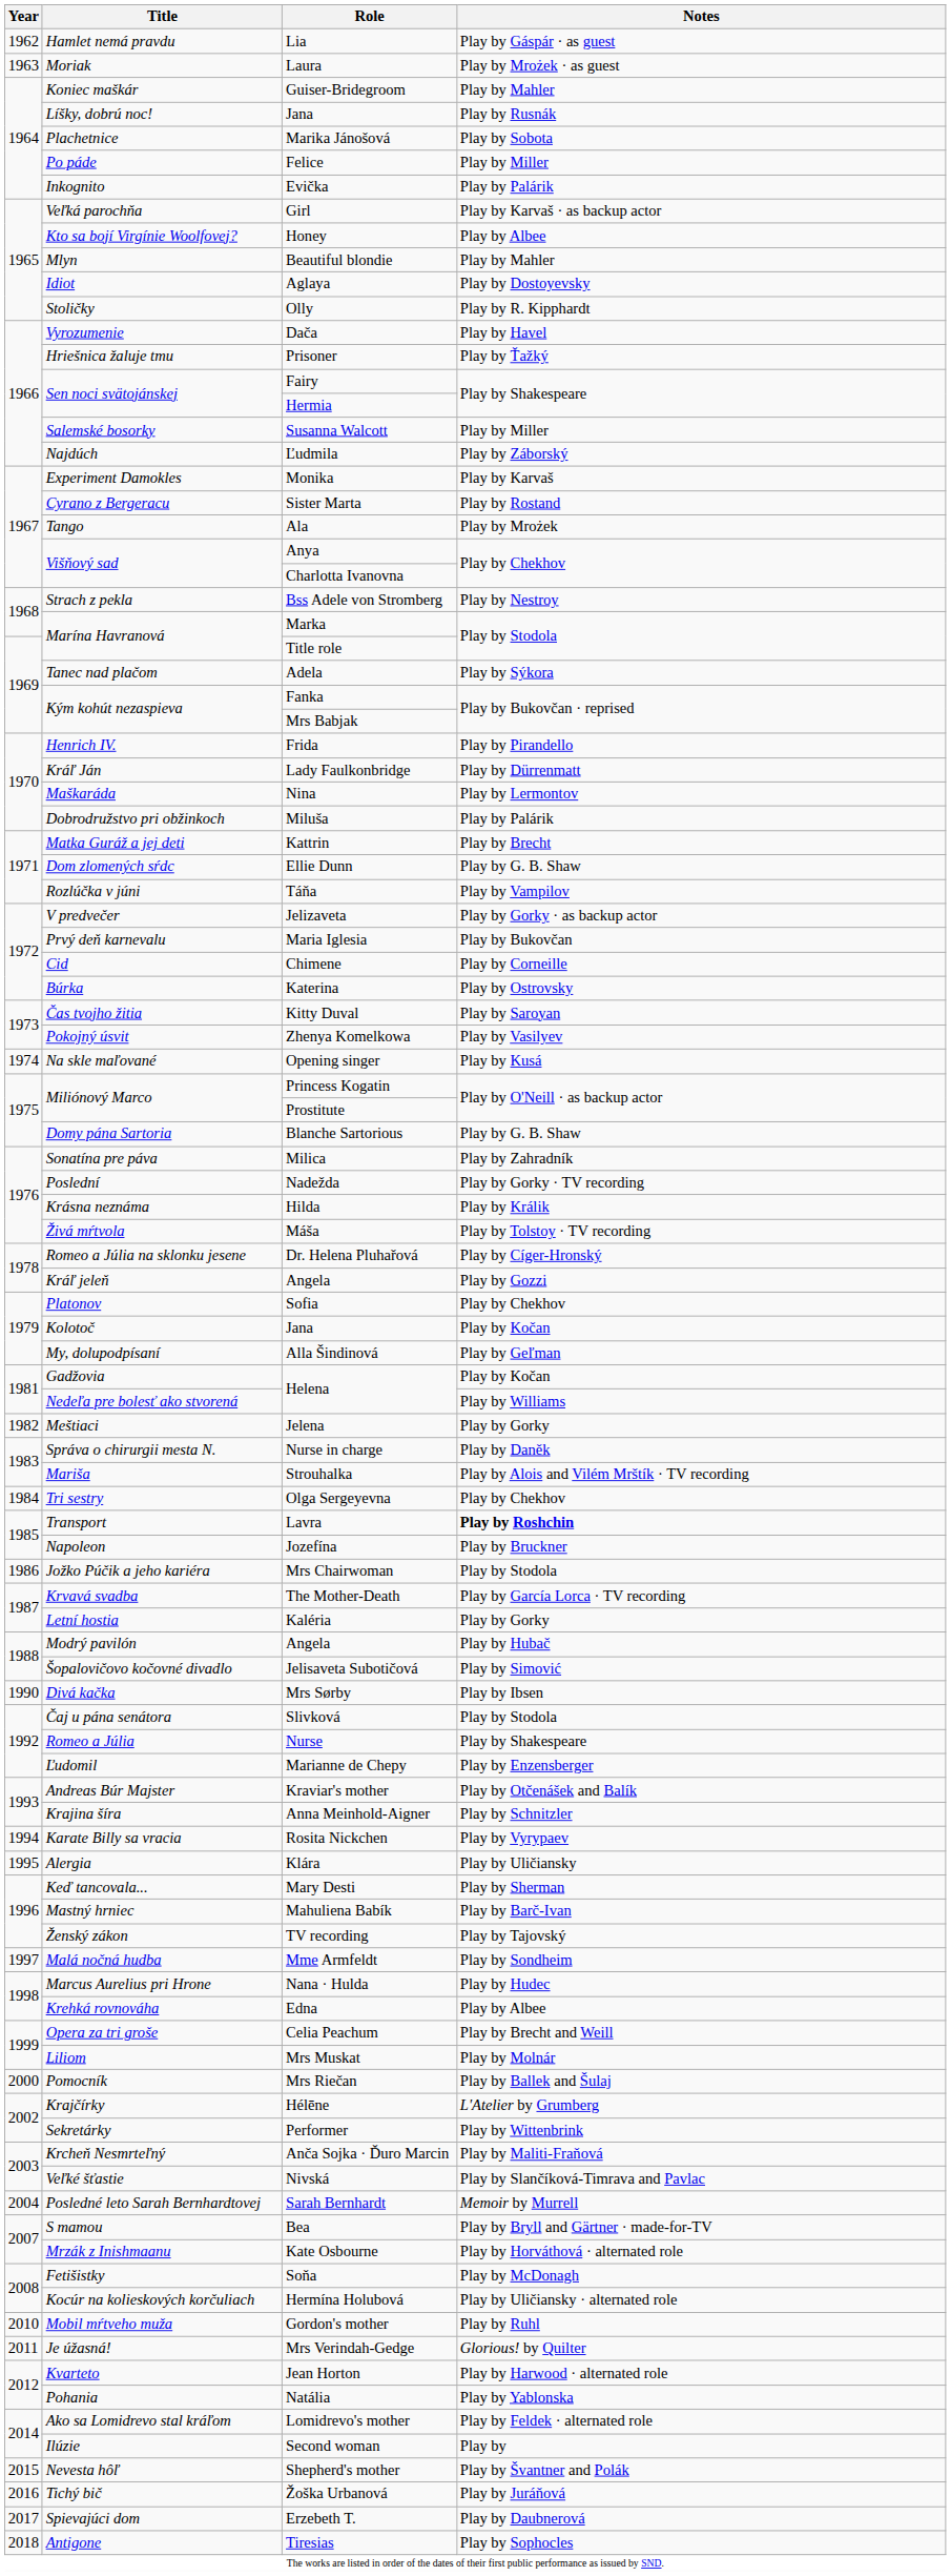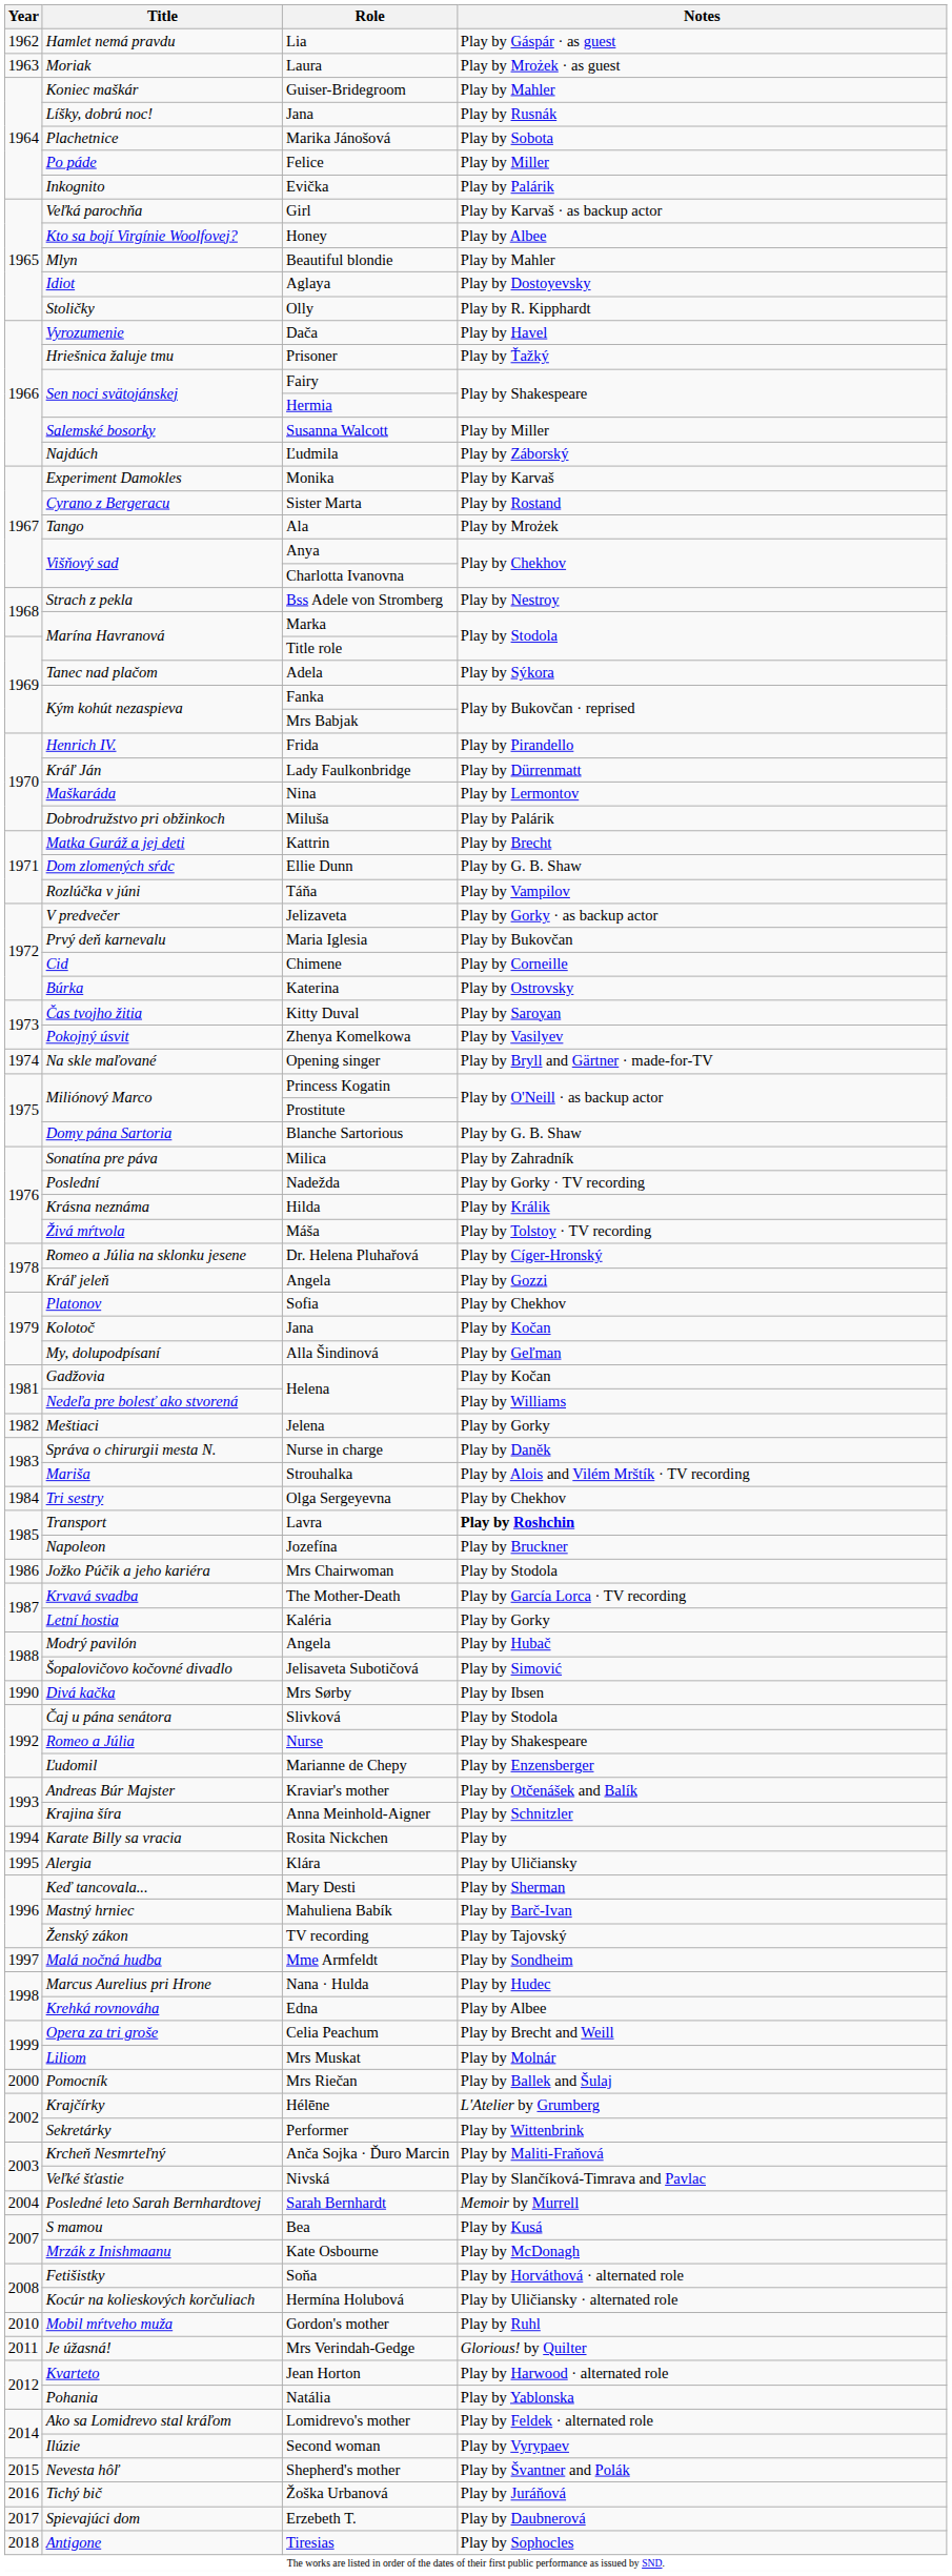 <table class=wikitable style="text-align:left">
 <tr>
 <th width=4%>Year</th>
 <th width=25.5%>Title</th>
 <th width=18.5%>Role</th>
 <th width=52%>Notes</th>
 </tr>
 <tr>
 <td>1962</td>
 <td><em>Hamlet nemá pravdu</em></td>
 <td>Lia</td>
 <td>Play by <a href='#'>Gáspár</a> · as <a href='#'>guest</a></td>
 </tr>
 <tr>
 <td>1963</td>
 <td><em>Moriak</em></td>
 <td>Laura</td>
 <td>Play by <a href='#'>Mrożek</a> · as guest</td>
 </tr>
 <tr>
 <td rowspan=5>1964</td>
 <td><em>Koniec maškár</em></td>
 <td>Guiser-Bridegroom</td>
 <td>Play by <a href='#'>Mahler</a></td>
 </tr>
 <tr>
 <td><em>Líšky, dobrú noc!</em></td>
 <td>Jana</td>
 <td>Play by <a href='#'>Rusnák</a></td>
 </tr>
 <tr>
 <td><em>Plachetnice</em></td>
 <td>Marika Jánošová</td>
 <td>Play by <a href='#'>Sobota</a></td>
 </tr>
 <tr>
 <td><em><a href='#'>Po páde</a></em></td>
 <td>Felice</td>
 <td>Play by <a href='#'>Miller</a></td>
 </tr>
 <tr>
 <td><em>Inkognito</em></td>
 <td>Evička</td>
 <td>Play by <a href='#'>Palárik</a></td>
 </tr>
 <tr>
 <td rowspan=5>1965</td>
 <td><em>Veľká parochňa</em></td>
 <td>Girl</td>
 <td>Play by Karvaš · as backup actor</td>
 </tr>
 <tr>
 <td><em><a href='#'>Kto sa bojí Virgínie Woolfovej?</a></em></td>
 <td>Honey </td>
 <td>Play by <a href='#'>Albee</a></td>
 </tr>
 <tr>
 <td><em>Mlyn</em></td>
 <td>Beautiful blondie</td>
 <td>Play by Mahler</td>
 </tr>
 <tr>
 <td><em><a href='#'>Idiot</a></em></td>
 <td>Aglaya</td>
 <td>Play by <a href='#'>Dostoyevsky</a></td>
 </tr>
 <tr>
 <td><em>Stoličky</em></td>
 <td>Olly</td>
 <td>Play by R. Kipphardt</td>
 </tr>
 <tr>
 <td rowspan=6>1966</td>
 <td><em><a href='#'>Vyrozumenie</a></em></td>
 <td>Dača</td>
 <td>Play by <a href='#'>Havel</a></td>
 </tr>
 <tr>
 <td><em>Hriešnica žaluje tmu</em></td>
 <td>Prisoner</td>
 <td>Play by <a href='#'>Ťažký</a></td>
 </tr>
 <tr>
 <td rowspan=2><em><a href='#'>Sen noci svätojánskej</a></em></td>
 <td>Fairy</td>
 <td rowspan=2>Play by Shakespeare</td>
 </tr>
 <tr>
 <td><a href='#'>Hermia</a> </td>
 </tr>
 <tr>
 <td><em><a href='#'>Salemské bosorky</a></em></td>
 <td><a href='#'>Susanna Walcott</a></td>
 <td>Play by Miller</td>
 </tr>
 <tr>
 <td><em>Najdúch</em></td>
 <td>Ľudmila</td>
 <td>Play by <a href='#'>Záborský</a></td>
 </tr>
 <tr>
 <td rowspan=5>1967</td>
 <td><em>Experiment Damokles</em></td>
 <td>Monika</td>
 <td>Play by Karvaš</td>
 </tr>
 <tr>
 <td><em><a href='#'>Cyrano z Bergeracu</a></em></td>
 <td>Sister Marta</td>
 <td>Play by <a href='#'>Rostand</a></td>
 </tr>
 <tr>
 <td><em>Tango</em></td>
 <td>Ala</td>
 <td>Play by Mrożek</td>
 </tr>
 <tr>
 <td rowspan=2><em><a href='#'>Višňový sad</a></em></td>
 <td>Anya</td>
 <td rowspan=2>Play by <a href='#'>Chekhov</a></td>
 </tr>
 <tr>
 <td>Charlotta Ivanovna </td>
 </tr>
 <tr>
 <td rowspan=2>1968</td>
 <td><em>Strach z pekla</em></td>
 <td><a href='#'>Bss</a> Adele von Stromberg</td>
 <td>Play by <a href='#'>Nestroy</a></td>
 </tr>
 <tr>
 <td rowspan=2><em>Marína Havranová </em></td>
 <td>Marka</td>
 <td rowspan=2>Play by <a href='#'>Stodola</a></td>
 </tr>
 <tr>
 <td rowspan=4>1969</td>
 <td>Title role </td>
 </tr>
 <tr>
 <td><em>Tanec nad plačom</em></td>
 <td>Adela</td>
 <td>Play by <a href='#'>Sýkora</a> </td>
 </tr>
 <tr>
 <td rowspan=2><em>Kým kohút nezaspieva</em></td>
 <td>Fanka</td>
 <td rowspan=2>Play by Bukovčan · reprised </td>
 </tr>
 <tr>
 <td>Mrs Babjak </td>
 </tr>
 <tr>
 <td rowspan=4>1970</td>
 <td><em><a href='#'>Henrich IV.</a></em></td>
 <td>Frida</td>
 <td>Play by <a href='#'>Pirandello</a></td>
 </tr>
 <tr>
 <td><em>Kráľ Ján</em></td>
 <td>Lady Faulkonbridge</td>
 <td>Play by <a href='#'>Dürrenmatt</a></td>
 </tr>
 <tr>
 <td><em><a href='#'>Maškaráda</a></em></td>
 <td>Nina</td>
 <td>Play by <a href='#'>Lermontov</a></td>
 </tr>
 <tr>
 <td><em>Dobrodružstvo pri obžinkoch</em></td>
 <td>Miluša</td>
 <td>Play by Palárik</td>
 </tr>
 <tr>
 <td rowspan=3>1971</td>
 <td><em><a href='#'>Matka Guráž a jej deti</a></em></td>
 <td>Kattrin</td>
 <td>Play by <a href='#'>Brecht</a></td>
 </tr>
 <tr>
 <td><em><a href='#'>Dom zlomených sŕdc</a></em></td>
 <td>Ellie Dunn</td>
 <td>Play by G. B. Shaw</td>
 </tr>
 <tr>
 <td><em>Rozlúčka v júni</em></td>
 <td>Táňa</td>
 <td>Play by <a href='#'>Vampilov</a></td>
 </tr>
 <tr>
 <td rowspan=4>1972</td>
 <td><em>V predvečer</em></td>
 <td>Jelizaveta</td>
 <td>Play by <a href='#'>Gorky</a> · as backup actor</td>
 </tr>
 <tr>
 <td><em>Prvý deň karnevalu</em></td>
 <td>Maria Iglesia</td>
 <td>Play by Bukovčan</td>
 </tr>
 <tr>
 <td><em><a href='#'>Cid</a></em></td>
 <td>Chimene </td>
 <td>Play by <a href='#'>Corneille</a></td>
 </tr>
 <tr>
 <td><em><a href='#'>Búrka</a></em></td>
 <td>Katerina</td>
 <td>Play by <a href='#'>Ostrovsky</a></td>
 </tr>
 <tr>
 <td rowspan=2>1973</td>
 <td><em><a href='#'>Čas tvojho žitia</a></em></td>
 <td>Kitty Duval</td>
 <td>Play by <a href='#'>Saroyan</a></td>
 </tr>
 <tr>
 <td><em><a href='#'>Pokojný úsvit</a></em></td>
 <td>Zhenya Komelkowa</td>
 <td>Play by <a href='#'>Vasilyev</a></td>
 </tr>
 <tr>
 <td>1974</td>
 <td><em>Na skle maľované</em></td>
 <td>Opening singer</td>
-<td>Play by <a href='#'>Kusá</a></td>
+<td>Play by <a href='#'>Bryll</a> and <a href='#'>Gärtner</a> · made-for-TV </td>
 </tr>
 <tr>
 <td rowspan=3>1975</td>
 <td rowspan=2><em>Miliónový Marco</em></td>
 <td>Princess Kogatin</td>
 <td rowspan=2>Play by <a href='#'>O'Neill</a> · as backup actor </td>
 </tr>
 <tr>
 <td>Prostitute </td>
 </tr>
 <tr>
 <td><em><a href='#'>Domy pána Sartoria</a></em></td>
 <td>Blanche Sartorious</td>
 <td>Play by G. B. Shaw</td>
 </tr>
 <tr>
 <td rowspan=4>1976</td>
 <td><em>Sonatína pre páva</em></td>
 <td>Milica</td>
 <td>Play by Zahradník</td>
 </tr>
 <tr>
 <td><em>Poslední</em></td>
 <td>Nadežda</td>
 <td>Play by Gorky · TV recording</td>
 </tr>
 <tr>
 <td><em>Krásna neznáma</em></td>
 <td>Hilda</td>
 <td>Play by <a href='#'>Králik</a></td>
 </tr>
 <tr>
 <td><em><a href='#'>Živá mŕtvola</a></em></td>
 <td>Máša</td>
 <td>Play by <a href='#'>Tolstoy</a> · TV recording </td>
 </tr>
 <tr>
 <td rowspan=2>1978</td>
 <td><em>Romeo a Júlia na sklonku jesene</em></td>
 <td>Dr. Helena Pluhařová</td>
 <td>Play by <a href='#'>Cíger-Hronský</a></td>
 </tr>
 <tr>
 <td><em>Kráľ jeleň</em></td>
 <td>Angela</td>
 <td>Play by <a href='#'>Gozzi</a></td>
 </tr>
 <tr>
 <td rowspan=3>1979</td>
 <td><em><a href='#'>Platonov</a></em></td>
 <td>Sofia</td>
 <td>Play by Chekhov</td>
 </tr>
 <tr>
 <td><em>Kolotoč</em></td>
 <td>Jana</td>
 <td>Play by <a href='#'>Kočan</a></td>
 </tr>
 <tr>
 <td><em>My, dolupodpísaní</em></td>
 <td>Alla Šindinová</td>
 <td>Play by <a href='#'>Geľman</a></td>
 </tr>
 <tr>
 <td rowspan=2>1981</td>
 <td><em>Gadžovia</em></td>
 <td rowspan=2>Helena</td>
 <td>Play by Kočan</td>
 </tr>
 <tr>
 <td><em><a href='#'>Nedeľa pre bolesť ako stvorená</a></em></td>
 <td>Play by <a href='#'>Williams</a></td>
 </tr>
 <tr>
 <td>1982</td>
 <td><em>Meštiaci</em></td>
 <td>Jelena</td>
 <td>Play by Gorky</td>
 </tr>
 <tr>
 <td rowspan=2>1983</td>
 <td><em>Správa o chirurgii mesta N.</em></td>
 <td>Nurse in charge</td>
 <td>Play by <a href='#'>Daněk</a></td>
 </tr>
 <tr>
 <td><em><a href='#'>Mariša</a></em></td>
 <td>Strouhalka</td>
 <td>Play by <a href='#'>Alois</a> and <a href='#'>Vilém Mrštík</a> · TV recording </td>
 </tr>
 <tr>
 <td>1984</td>
 <td><em><a href='#'>Tri sestry</a></em></td>
 <td>Olga Sergeyevna </td>
 <td>Play by Chekhov</td>
 </tr>
 <tr>
 <td rowspan=2>1985</td>
 <td><em>Transport</em></td>
 <td>Lavra</td>
 <td><strong>Play by <a href='#'>Roshchin</a></strong></td>
 </tr>
 <tr>
 <td><em>Napoleon</em></td>
 <td>Jozefína</td>
 <td>Play by <a href='#'>Bruckner</a></td>
 </tr>
 <tr>
 <td>1986</td>
 <td><em>Jožko Púčik a jeho kariéra</em></td>
 <td>Mrs Chairwoman</td>
 <td>Play by Stodola</td>
 </tr>
 <tr>
 <td rowspan=2>1987</td>
 <td><em><a href='#'>Krvavá svadba</a></em></td>
 <td>The Mother-Death</td>
 <td>Play by <a href='#'>García Lorca</a> · TV recording </td>
 </tr>
 <tr>
 <td><em><a href='#'>Letní hostia</a></em></td>
 <td>Kaléria</td>
 <td>Play by Gorky</td>
 </tr>
 <tr>
 <td rowspan=2>1988</td>
 <td><em>Modrý pavilón</em></td>
 <td>Angela</td>
 <td>Play by <a href='#'>Hubač</a></td>
 </tr>
 <tr>
 <td><em>Šopalovičovo kočovné divadlo</em></td>
 <td>Jelisaveta Subotičová</td>
 <td>Play by <a href='#'>Simović</a></td>
 </tr>
 <tr>
 <td>1990</td>
 <td><em><a href='#'>Divá kačka</a></em></td>
 <td>Mrs Sørby</td>
 <td>Play by Ibsen</td>
 </tr>
 <tr>
 <td rowspan=3>1992</td>
 <td><em>Čaj u pána senátora</em></td>
 <td>Slivková</td>
 <td>Play by Stodola</td>
 </tr>
 <tr>
 <td><em><a href='#'>Romeo a Júlia</a></em></td>
 <td><a href='#'>Nurse</a></td>
 <td>Play by Shakespeare</td>
 </tr>
 <tr>
 <td><em>Ľudomil</em></td>
 <td>Marianne de Chepy</td>
 <td>Play by <a href='#'>Enzensberger</a></td>
 </tr>
 <tr>
 <td rowspan=2>1993</td>
 <td><em>Andreas Búr Majster</em></td>
 <td>Kraviar's mother</td>
 <td>Play by <a href='#'>Otčenášek</a> and <a href='#'>Balík</a></td>
 </tr>
 <tr>
 <td><em>Krajina šíra</em></td>
 <td>Anna Meinhold-Aigner</td>
 <td>Play by <a href='#'>Schnitzler</a></td>
 </tr>
 <tr>
 <td>1994</td>
 <td><em>Karate Billy sa vracia</em></td>
 <td>Rosita Nickchen</td>
-<td>Play by <a href='#'>Vyrypaev</a></td>
+<td>Play by </td>
 </tr>
 <tr>
 <td>1995</td>
 <td><em>Alergia</em></td>
 <td>Klára</td>
 <td>Play by Uličiansky</td>
 </tr>
 <tr>
 <td rowspan=3>1996</td>
 <td><em>Keď tancovala...</em></td>
 <td>Mary Desti</td>
 <td>Play by <a href='#'>Sherman</a></td>
 </tr>
 <tr>
 <td><em>Mastný hrniec</em></td>
 <td>Mahuliena Babík</td>
 <td>Play by <a href='#'>Barč-Ivan</a></td>
 </tr>
 <tr>
 <td><em>Ženský zákon</em></td>
 <td>TV recording </td>
 <td>Play by Tajovský</td>
 </tr>
 <tr>
 <td>1997</td>
 <td><em><a href='#'>Malá nočná hudba</a></em></td>
 <td><a href='#'>Mme</a> Armfeldt</td>
 <td>Play by <a href='#'>Sondheim</a></td>
 </tr>
 <tr>
 <td rowspan=2>1998</td>
 <td><em>Marcus Aurelius pri Hrone</em></td>
 <td>Nana · Hulda</td>
 <td>Play by <a href='#'>Hudec</a></td>
 </tr>
 <tr>
 <td><em><a href='#'>Krehká rovnováha</a></em></td>
 <td>Edna</td>
 <td>Play by Albee</td>
 </tr>
 <tr>
 <td rowspan=2>1999</td>
 <td><em><a href='#'>Opera za tri groše</a></em></td>
 <td>Celia Peachum</td>
 <td>Play by Brecht and <a href='#'>Weill</a></td>
 </tr>
 <tr>
 <td><em><a href='#'>Liliom</a></em></td>
 <td>Mrs Muskat</td>
 <td>Play by <a href='#'>Molnár</a></td>
 </tr>
 <tr>
 <td>2000</td>
 <td><em>Pomocník</em></td>
 <td>Mrs Riečan</td>
 <td>Play by <a href='#'>Ballek</a> and <a href='#'>Šulaj</a></td>
 </tr>
 <tr>
 <td rowspan=2>2002</td>
 <td><em>Krajčírky</em></td>
 <td>Hélēne</td>
 <td><em>L'Atelier</em> by <a href='#'>Grumberg</a></td>
 </tr>
 <tr>
 <td><em>Sekretárky</em></td>
 <td>Performer </td>
 <td>Play by <a href='#'>Wittenbrink</a></td>
 </tr>
 <tr>
 <td rowspan=2>2003</td>
 <td><em>Krcheň Nesmrteľný</em></td>
 <td>Anča Sojka · Ďuro Marcin</td>
 <td>Play by <a href='#'>Maliti-Fraňová</a></td>
 </tr>
 <tr>
 <td><em>Veľké šťastie</em></td>
 <td>Nivská</td>
 <td>Play by Slančíková-Timrava and <a href='#'>Pavlac</a></td>
 </tr>
 <tr>
 <td>2004</td>
 <td><em>Posledné leto Sarah Bernhardtovej</em></td>
 <td><a href='#'>Sarah Bernhardt</a></td>
 <td><em>Memoir</em> by <a href='#'>Murrell</a></td>
 </tr>
 <tr>
 <td rowspan=2>2007</td>
 <td><em>S mamou</em></td>
 <td>Bea</td>
-<td>Play by <a href='#'>Bryll</a> and <a href='#'>Gärtner</a> · made-for-TV </td>
+<td>Play by <a href='#'>Kusá</a></td>
 </tr>
 <tr>
 <td><em><a href='#'>Mrzák z Inishmaanu</a></em></td>
 <td>Kate Osbourne</td>
-<td>Play by <a href='#'>Horváthová</a> · alternated role</td>
+<td>Play by <a href='#'>McDonagh</a></td>
 </tr>
 <tr>
 <td rowspan=2>2008</td>
 <td><em>Fetišistky</em></td>
 <td>Soňa</td>
-<td>Play by <a href='#'>McDonagh</a></td>
+<td>Play by <a href='#'>Horváthová</a> · alternated role</td>
 </tr>
 <tr>
 <td><em>Kocúr na kolieskových korčuliach</em></td>
 <td>Hermína Holubová</td>
 <td>Play by Uličiansky · alternated role</td>
 </tr>
 <tr>
 <td>2010</td>
 <td><em><a href='#'>Mobil mŕtveho muža</a></em></td>
 <td>Gordon's mother</td>
 <td>Play by <a href='#'>Ruhl</a></td>
 </tr>
 <tr>
 <td>2011</td>
 <td><em>Je úžasná!</em></td>
 <td>Mrs Verindah-Gedge</td>
 <td><em>Glorious!</em> by <a href='#'>Quilter</a></td>
 </tr>
 <tr>
 <td rowspan=2>2012</td>
 <td><em><a href='#'>Kvarteto</a></em></td>
 <td>Jean Horton</td>
 <td>Play by <a href='#'>Harwood</a> · alternated role</td>
 </tr>
 <tr>
 <td><em>Pohania</em></td>
 <td>Natália</td>
 <td>Play by <a href='#'>Yablonska</a></td>
 </tr>
 <tr>
 <td rowspan=2>2014</td>
 <td><em>Ako sa Lomidrevo stal kráľom</em></td>
 <td>Lomidrevo's mother</td>
 <td>Play by <a href='#'>Feldek</a> · alternated role</td>
 </tr>
 <tr>
 <td><em>Ilúzie</em></td>
 <td>Second woman</td>
-<td>Play by </td>
+<td>Play by <a href='#'>Vyrypaev</a></td>
 </tr>
 <tr>
 <td>2015</td>
 <td><em>Nevesta hôľ</em></td>
 <td>Shepherd's mother</td>
 <td>Play by <a href='#'>Švantner</a> and <a href='#'>Polák</a></td>
 </tr>
 <tr>
 <td>2016</td>
 <td><em>Tichý bič</em></td>
 <td>Žoška Urbanová</td>
 <td>Play by <a href='#'>Juráňová</a></td>
 </tr>
 <tr>
 <td>2017</td>
 <td><em>Spievajúci dom</em></td>
 <td>Erzebeth T.</td>
 <td>Play by <a href='#'>Daubnerová</a></td>
 </tr>
 <tr>
 <td>2018</td>
 <td><em><a href='#'>Antigone</a></em></td>
 <td><a href='#'>Tiresias</a></td>
 <td>Play by <a href='#'>Sophocles</a></td>
 </tr>
 <tr>
 <td width=100% colspan=4 style="background:white; font-size:8pt; border-left:1px solid white; border-right:1px solid white; border-bottom:1px solid white" align=center>The works are listed in order of the dates of their first public performance as issued by <a href='#'>SND</a>.</td>
 </tr>
 </table>
